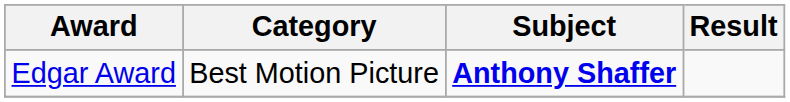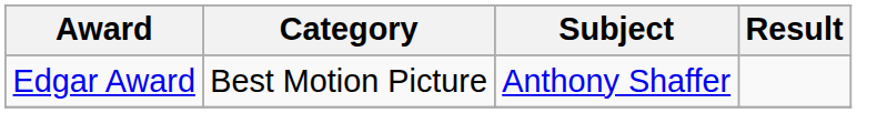 <table class="wikitable">
 <tr>
 <th scope=col>Award</th>
 <th scope=col>Category</th>
 <th scope=col>Subject</th>
 <th scope=col>Result</th>
 </tr>
 <tr>
 <td><a href='#'>Edgar Award</a></td>
 <td>Best Motion Picture</td>
-<td><strong><a href='#'>Anthony Shaffer</a></strong></td>
+<td><a href='#'>Anthony Shaffer</a></td>
 <td></td>
 </tr>
 <tr>
 </tr>
 </table>
